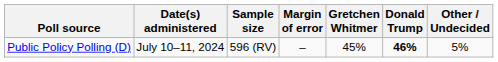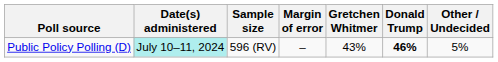 <table class="wikitable sortable mw-datatable" style="font-size:90%;text-align:center;line-height:17px">
 <tr valign=bottom>
 <th>Poll source</th>
 <th>Date(s)<br>administered</th>
 <th>Sample<br>size</th>
 <th>Margin<br>of error</th>
 <th class="unsortable">Gretchen<br>Whitmer<br></th>
 <th class="unsortable">Donald<br>Trump<br></th>
 <th class="unsortable">Other /<br>Undecided</th>
 </tr>
 <tr>
 <td style="text-align:left;"><a href='#'>Public Policy Polling (D)</a></td>
-<td data-sort-value="2024-07-22">July 10–11, 2024</td>
+<td data-sort-value="2024-07-22" style="background: paleturquoise;">July 10–11, 2024</td>
 <td>596 (RV)</td>
 <td>–</td>
-<td>45%</td>
+<td>43%</td>
 <td style="background-color:"><strong>46%</strong></td>
 <td>5%</td>
 </tr>
 </table>
